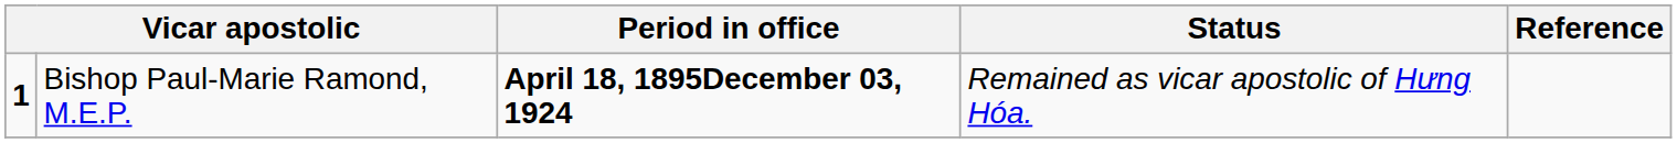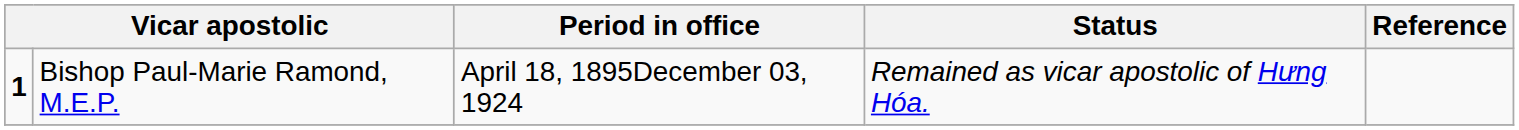 <table class="wikitable">
 <tr>
 <th colspan="2">Vicar apostolic</th>
 <th>Period in office</th>
 <th>Status</th>
 <th>Reference</th>
 </tr>
 <tr>
 <td><strong>1</strong></td>
 <td>Bishop Paul-Marie Ramond, <a href='#'>M.E.P.</a></td>
-<td><strong>April 18, 1895December 03, 1924</strong></td>
+<td>April 18, 1895December 03, 1924</td>
 <td><em>Remained as vicar apostolic of <a href='#'>Hưng Hóa.</a></em></td>
 <td></td>
 </tr>
 </table>
